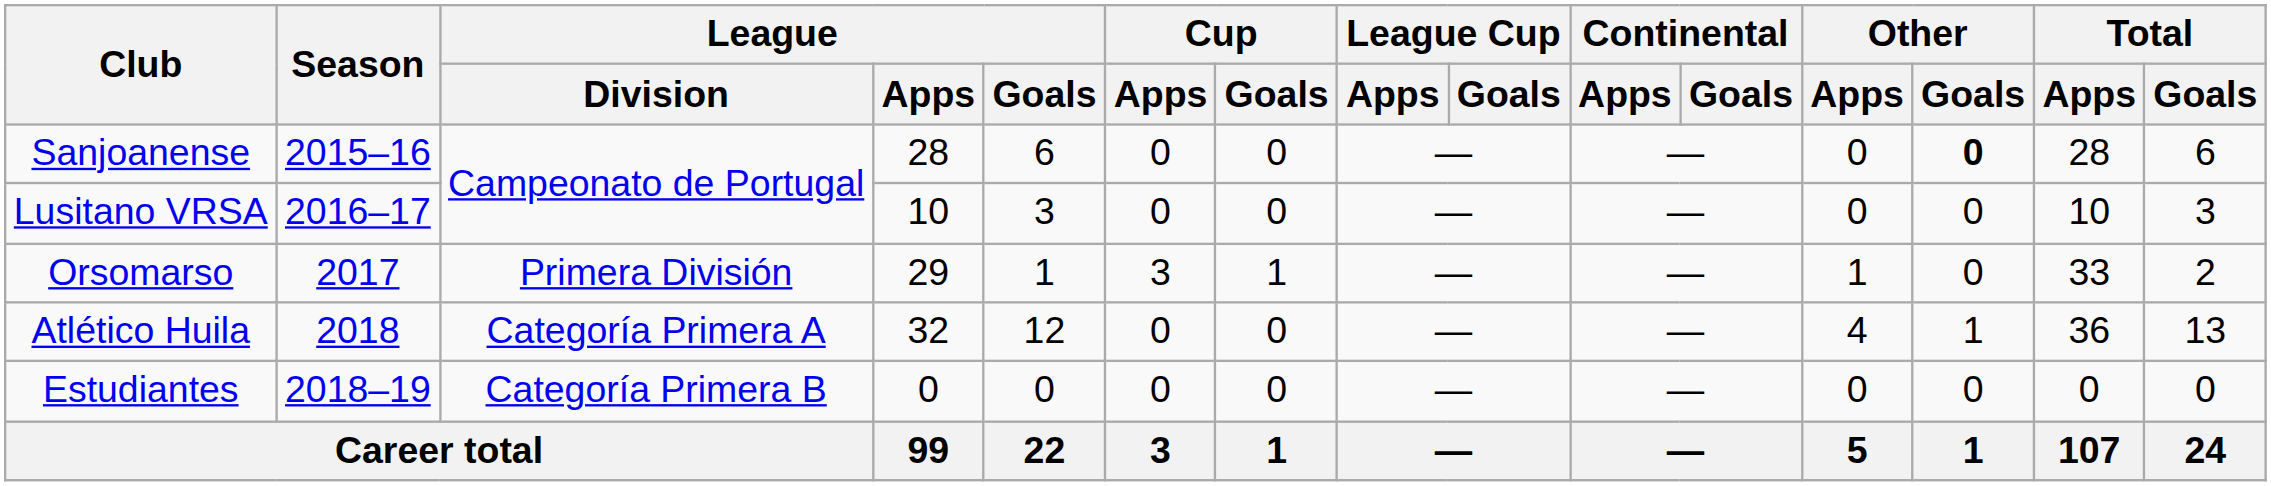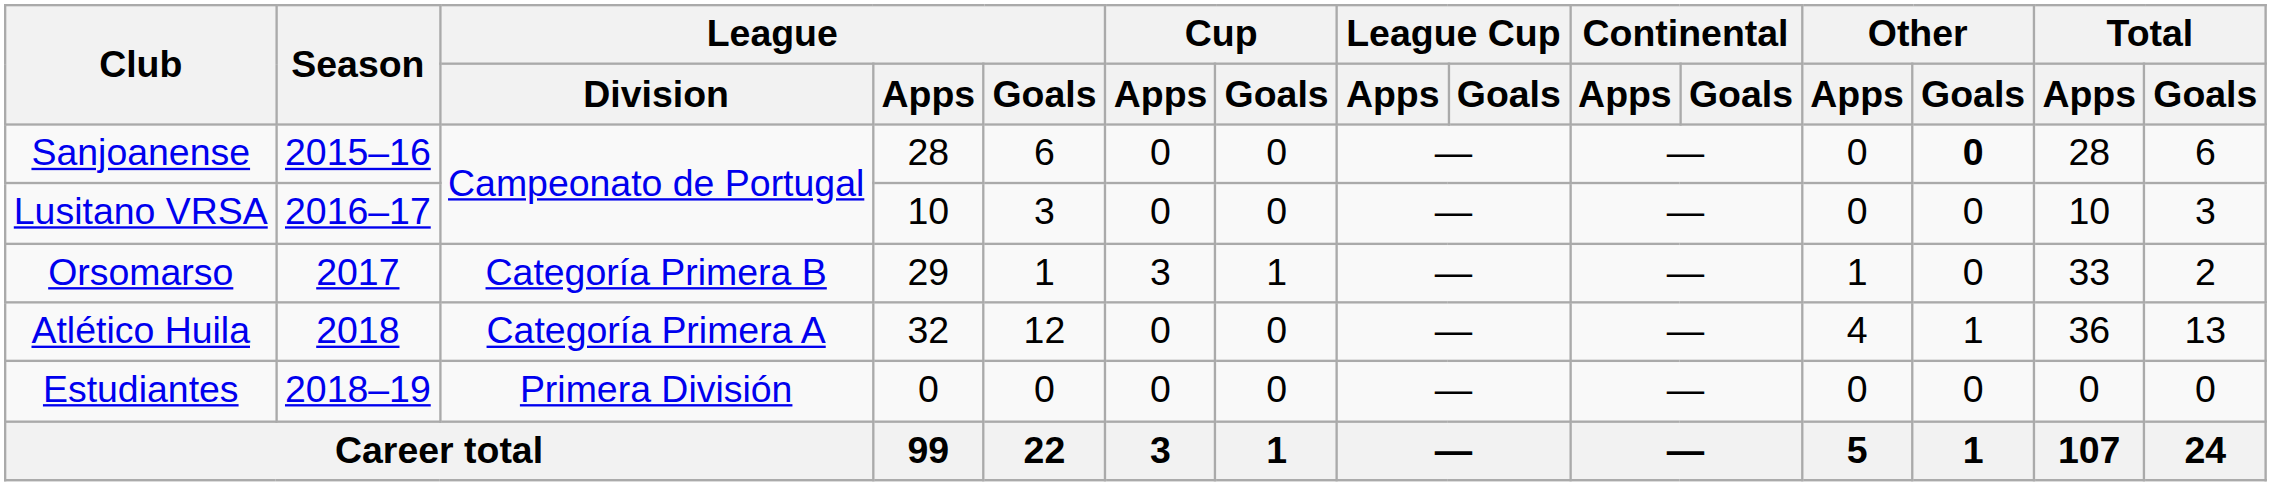 <table class="wikitable" style="text-align:center">
 <tr>
 <th rowspan="2">Club</th>
 <th rowspan="2">Season</th>
 <th colspan="3">League</th>
 <th colspan="2">Cup</th>
 <th colspan="2">League Cup</th>
 <th colspan="2">Continental</th>
 <th colspan="2">Other</th>
 <th colspan="2">Total</th>
 </tr>
 <tr>
 <th>Division</th>
 <th>Apps</th>
 <th>Goals</th>
 <th>Apps</th>
 <th>Goals</th>
 <th>Apps</th>
 <th>Goals</th>
 <th>Apps</th>
 <th>Goals</th>
 <th>Apps</th>
 <th>Goals</th>
 <th>Apps</th>
 <th>Goals</th>
 </tr>
 <tr>
 <td rowspan="1"><a href='#'>Sanjoanense</a></td>
 <td><a href='#'>2015–16</a></td>
 <td rowspan="2"><a href='#'>Campeonato de Portugal</a></td>
 <td>28</td>
 <td>6</td>
 <td>0</td>
 <td>0</td>
 <td colspan="2">—</td>
 <td colspan="2">—</td>
 <td>0</td>
 <td><strong>0</strong></td>
 <td>28</td>
 <td>6</td>
 </tr>
 <tr>
 <td rowspan="1"><a href='#'>Lusitano VRSA</a></td>
 <td><a href='#'>2016–17</a></td>
 <td>10</td>
 <td>3</td>
 <td>0</td>
 <td>0</td>
 <td colspan="2">—</td>
 <td colspan="2">—</td>
 <td>0</td>
 <td>0</td>
 <td>10</td>
 <td>3</td>
 </tr>
 <tr>
 <td rowspan="1"><a href='#'>Orsomarso</a></td>
 <td><a href='#'>2017</a></td>
-<td rowspan="1"><a href='#'>Primera División</a></td>
+<td rowspan="1"><a href='#'>Categoría Primera B</a></td>
 <td>29</td>
 <td>1</td>
 <td>3</td>
 <td>1</td>
 <td colspan="2">—</td>
 <td colspan="2">—</td>
 <td>1</td>
 <td>0</td>
 <td>33</td>
 <td>2</td>
 </tr>
 <tr>
 <td rowspan="1"><a href='#'>Atlético Huila</a></td>
 <td><a href='#'>2018</a></td>
 <td rowspan="1"><a href='#'>Categoría Primera A</a></td>
 <td>32</td>
 <td>12</td>
 <td>0</td>
 <td>0</td>
 <td colspan="2">—</td>
 <td colspan="2">—</td>
 <td>4</td>
 <td>1</td>
 <td>36</td>
 <td>13</td>
 </tr>
 <tr>
 <td rowspan="1"><a href='#'>Estudiantes</a></td>
 <td><a href='#'>2018–19</a></td>
-<td rowspan="1"><a href='#'>Categoría Primera B</a></td>
+<td rowspan="1"><a href='#'>Primera División</a></td>
 <td>0</td>
 <td>0</td>
 <td>0</td>
 <td>0</td>
 <td colspan="2">—</td>
 <td colspan="2">—</td>
 <td>0</td>
 <td>0</td>
 <td>0</td>
 <td>0</td>
 </tr>
 <tr>
 <th colspan="3">Career total</th>
 <th>99</th>
 <th>22</th>
 <th>3</th>
 <th>1</th>
 <th colspan="2">—</th>
 <th colspan="2">—</th>
 <th>5</th>
 <th>1</th>
 <th>107</th>
 <th>24</th>
 </tr>
 </table>
